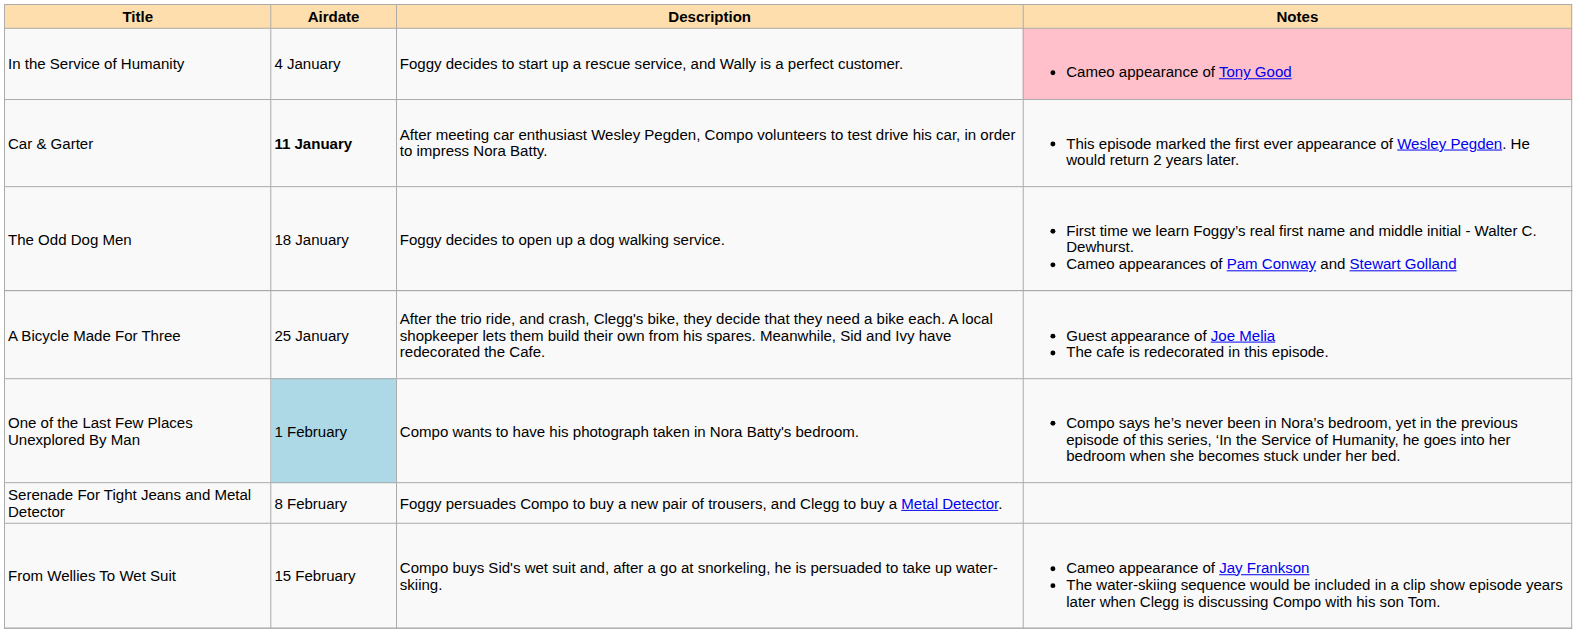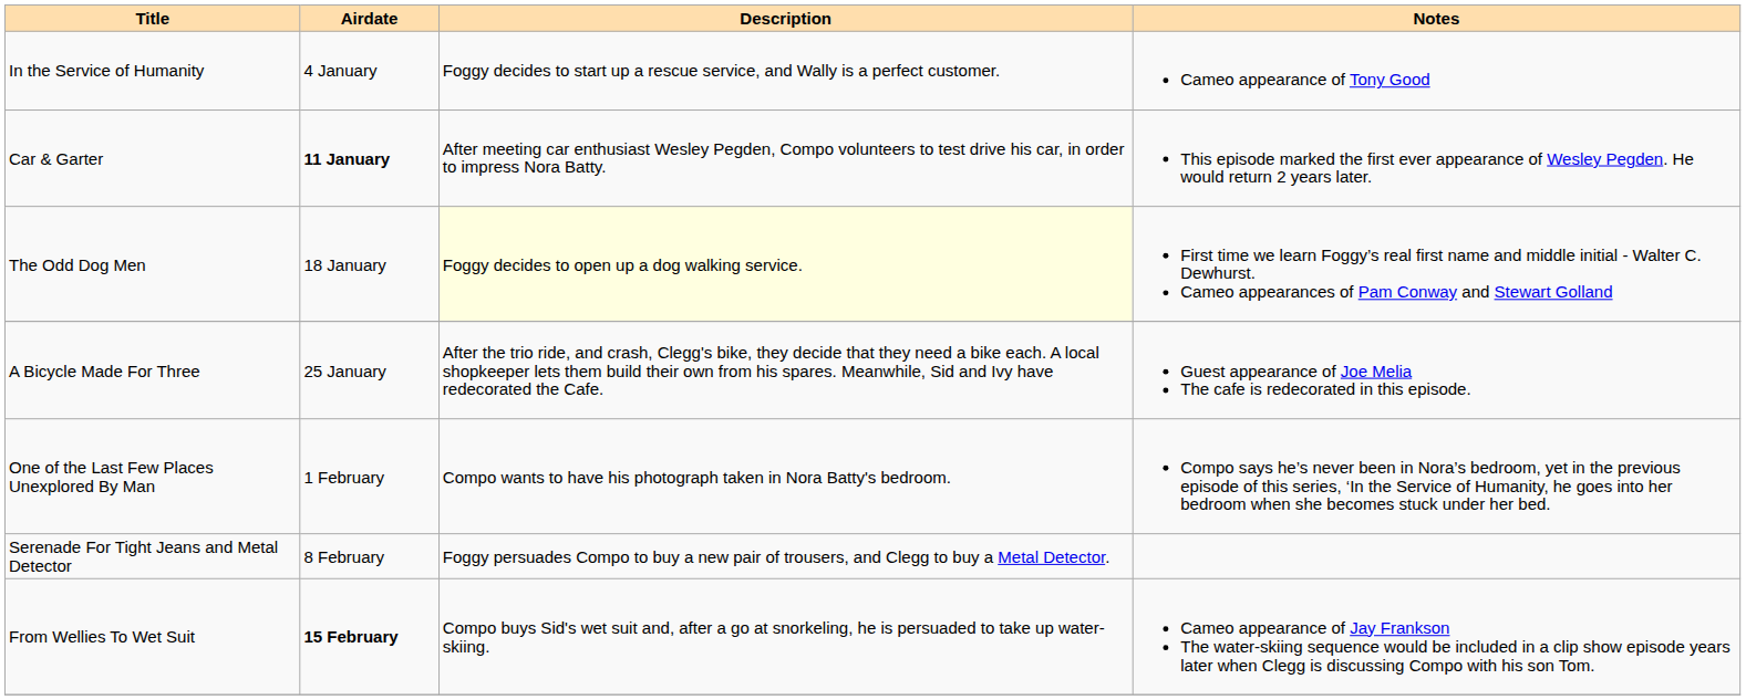 <table class="wikitable" width=100% border=1 style="font-size: 95%">
 <tr>
 <th style="background:#ffdead" width=17%>Title</th>
 <th style="background:#ffdead" width=8%>Airdate</th>
 <th style="background:#ffdead" width=40%>Description</th>
 <th style="background:#ffdead" width=35%>Notes</th>
 </tr>
 <tr>
 <td>In the Service of Humanity</td>
 <td>4 January</td>
 <td>Foggy decides to start up a rescue service, and Wally is a perfect customer.</td>
-<td style="background: pink;"><br><ul><li>Cameo appearance of <a href='#'>Tony Good</a></li></ul></td>
+<td><br><ul><li>Cameo appearance of <a href='#'>Tony Good</a></li></ul></td>
 </tr>
 <tr>
 <td>Car & Garter</td>
 <td><strong>11 January</strong></td>
 <td>After meeting car enthusiast Wesley Pegden, Compo volunteers to test drive his car, in order to impress Nora Batty.</td>
 <td><br><ul><li>This episode marked the first ever appearance of <a href='#'>Wesley Pegden</a>. He would return 2 years later.</li></ul></td>
 </tr>
 <tr>
 <td>The Odd Dog Men</td>
 <td>18 January</td>
-<td>Foggy decides to open up a dog walking service.</td>
+<td style="background: lightyellow;">Foggy decides to open up a dog walking service.</td>
 <td><br><ul><li>First time we learn Foggy’s real first name and middle initial - Walter C. Dewhurst.</li><li>Cameo appearances of <a href='#'>Pam Conway</a> and <a href='#'>Stewart Golland</a></li></ul></td>
 </tr>
 <tr>
 </tr>
 <tr>
 <td>A Bicycle Made For Three</td>
 <td>25 January</td>
 <td>After the trio ride, and crash, Clegg's bike, they decide that they need a bike each. A local shopkeeper lets them build their own from his spares. Meanwhile, Sid and Ivy have redecorated the Cafe.</td>
 <td><br><ul><li>Guest appearance of <a href='#'>Joe Melia</a></li><li>The cafe is redecorated in this episode.</li></ul></td>
 </tr>
 <tr>
 <td>One of the Last Few Places Unexplored By Man</td>
-<td style="background: lightblue;">1 February</td>
+<td>1 February</td>
 <td>Compo wants to have his photograph taken in Nora Batty's bedroom.</td>
 <td><br><ul><li>Compo says he’s never been in Nora’s bedroom, yet in the previous episode  of this series, ‘In the Service of Humanity, he goes into her bedroom when she becomes stuck under her bed.</li></ul></td>
 </tr>
 <tr>
 <td>Serenade For Tight Jeans and Metal Detector</td>
 <td>8 February</td>
 <td>Foggy persuades Compo to buy a new pair of trousers, and Clegg to buy a <a href='#'>Metal Detector</a>.</td>
 <td></td>
 </tr>
 <tr>
 <td>From Wellies To Wet Suit</td>
-<td>15 February</td>
+<td><strong>15 February</strong></td>
 <td>Compo buys Sid's wet suit and, after a go at snorkeling, he is persuaded to take up water-skiing.</td>
 <td><br><ul><li>Cameo appearance of <a href='#'>Jay Frankson</a></li><li>The water-skiing sequence would be included in a clip show episode years later when Clegg is discussing Compo with his son Tom.</li></ul></td>
 </tr>
 <tr>
 </tr>
 </table>
